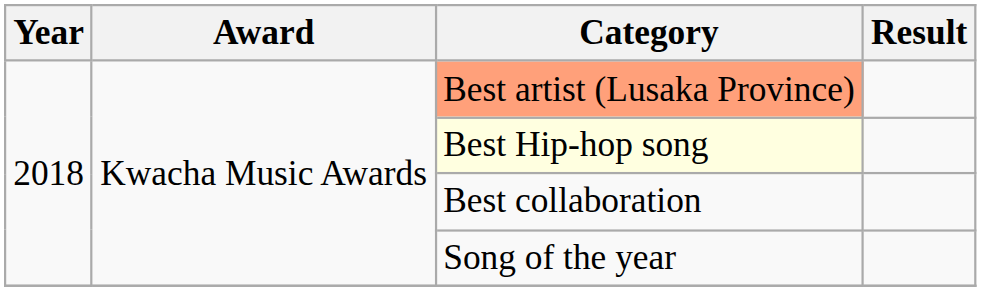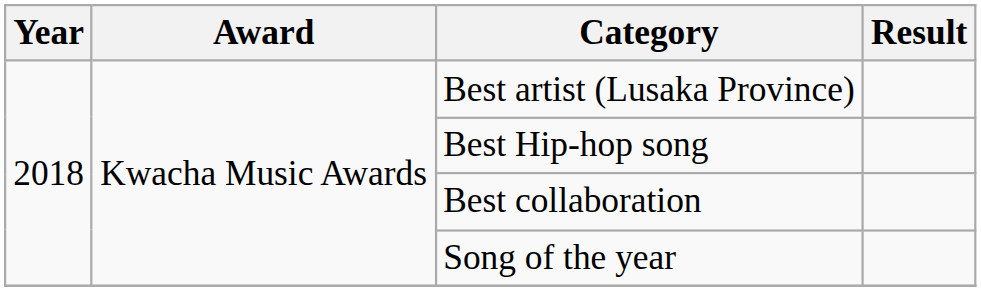 <table class="wikitable">
 <tr>
 <th>Year</th>
 <th>Award</th>
 <th>Category</th>
 <th>Result</th>
 </tr>
 <tr>
 <td rowspan="4">2018</td>
 <td rowspan="4">Kwacha Music Awards</td>
-<td style="background: lightsalmon;">Best artist (Lusaka Province)</td>
+<td>Best artist (Lusaka Province)</td>
 <td></td>
 </tr>
 <tr>
-<td style="background: lightyellow;">Best Hip-hop song</td>
+<td>Best Hip-hop song</td>
 <td></td>
 </tr>
 <tr>
 <td>Best collaboration</td>
 <td></td>
 </tr>
 <tr>
 <td>Song of the year</td>
 <td></td>
 </tr>
 <tr>
 </tr>
 </table>
